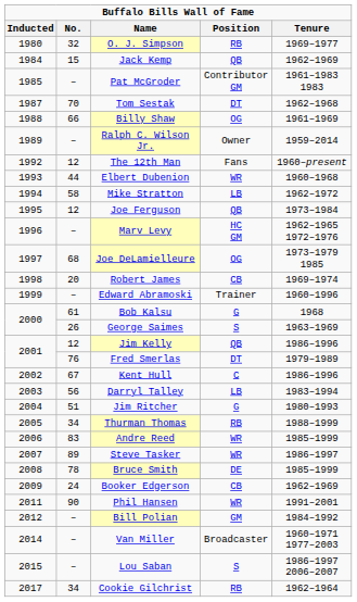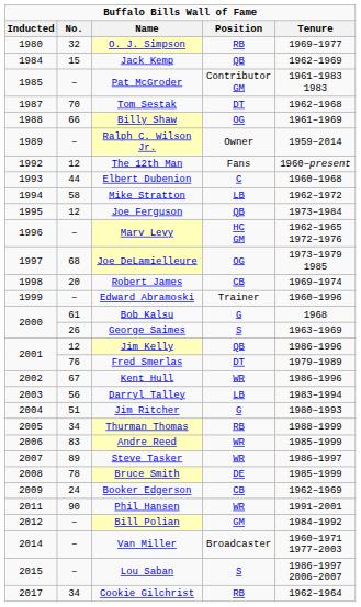 <table class="wikitable" style="text-align:center">
 <tr>
 <td colspan="5"><strong>Buffalo Bills Wall of Fame</strong></td>
 </tr>
 <tr>
 <th width=40px>Inducted</th>
 <th width=40px>No.</th>
 <th width=140px>Name</th>
 <th width=90px>Position</th>
 <th width=100px>Tenure</th>
 </tr>
 <tr>
 <td>1980</td>
 <td>32</td>
 <td style="background:#ffb"><a href='#'>O. J. Simpson</a></td>
 <td><a href='#'>RB</a></td>
 <td>1969–1977</td>
 </tr>
 <tr>
 <td>1984</td>
 <td>15</td>
 <td><a href='#'>Jack Kemp</a></td>
 <td><a href='#'>QB</a></td>
 <td>1962–1969</td>
 </tr>
 <tr>
 <td>1985</td>
 <td>–</td>
 <td><a href='#'>Pat McGroder</a></td>
 <td>Contributor<br><a href='#'>GM</a></td>
 <td>1961–1983<br>1983</td>
 </tr>
 <tr>
 <td>1987</td>
 <td>70</td>
 <td><a href='#'>Tom Sestak</a></td>
 <td><a href='#'>DT</a></td>
 <td>1962–1968</td>
 </tr>
 <tr>
 <td>1988</td>
 <td>66</td>
 <td style="background:#ffb"><a href='#'>Billy Shaw</a></td>
 <td><a href='#'>OG</a></td>
 <td>1961–1969</td>
 </tr>
 <tr>
 <td>1989</td>
 <td>–</td>
 <td style="background:#ffb"><a href='#'>Ralph C. Wilson Jr.</a></td>
 <td>Owner</td>
 <td>1959–2014</td>
 </tr>
 <tr>
 <td>1992</td>
 <td>12</td>
 <td><a href='#'>The 12th Man</a></td>
 <td>Fans</td>
 <td>1960–<em>present</em></td>
 </tr>
 <tr>
 <td>1993</td>
 <td>44</td>
 <td><a href='#'>Elbert Dubenion</a></td>
-<td><a href='#'>WR</a></td>
+<td><a href='#'>C</a></td>
 <td>1960–1968</td>
 </tr>
 <tr>
 <td>1994</td>
 <td>58</td>
 <td><a href='#'>Mike Stratton</a></td>
 <td><a href='#'>LB</a></td>
 <td>1962–1972</td>
 </tr>
 <tr>
 <td>1995</td>
 <td>12</td>
 <td><a href='#'>Joe Ferguson</a></td>
 <td><a href='#'>QB</a></td>
 <td>1973–1984</td>
 </tr>
 <tr>
 <td>1996</td>
 <td>–</td>
 <td style="background:#ffb"><a href='#'>Marv Levy</a></td>
 <td><a href='#'>HC</a><br><a href='#'>GM</a></td>
 <td>1962–1965<br>1972–1976</td>
 </tr>
 <tr>
 <td>1997</td>
 <td>68</td>
 <td style="background:#ffb"><a href='#'>Joe DeLamielleure</a></td>
 <td><a href='#'>OG</a></td>
 <td>1973–1979<br>1985</td>
 </tr>
 <tr>
 <td>1998</td>
 <td>20</td>
 <td><a href='#'>Robert James</a></td>
 <td><a href='#'>CB</a></td>
 <td>1969–1974</td>
 </tr>
 <tr>
 <td>1999</td>
 <td>–</td>
 <td><a href='#'>Edward Abramoski</a></td>
 <td>Trainer</td>
 <td>1960–1996</td>
 </tr>
 <tr>
 <td rowspan=2>2000</td>
 <td>61</td>
 <td><a href='#'>Bob Kalsu</a></td>
 <td><a href='#'>G</a></td>
 <td>1968</td>
 </tr>
 <tr>
 <td>26</td>
 <td><a href='#'>George Saimes</a></td>
 <td><a href='#'>S</a></td>
 <td>1963–1969</td>
 </tr>
 <tr>
 <td rowspan=2>2001</td>
 <td>12</td>
 <td style="background:#ffb"><a href='#'>Jim Kelly</a></td>
 <td><a href='#'>QB</a></td>
 <td>1986–1996</td>
 </tr>
 <tr>
 <td>76</td>
 <td><a href='#'>Fred Smerlas</a></td>
 <td><a href='#'>DT</a></td>
 <td>1979–1989</td>
 </tr>
 <tr>
 <td>2002</td>
 <td>67</td>
 <td><a href='#'>Kent Hull</a></td>
-<td><a href='#'>C</a></td>
+<td><a href='#'>WR</a></td>
 <td>1986–1996</td>
 </tr>
 <tr>
 <td>2003</td>
 <td>56</td>
 <td><a href='#'>Darryl Talley</a></td>
 <td><a href='#'>LB</a></td>
 <td>1983–1994</td>
 </tr>
 <tr>
 <td>2004</td>
 <td>51</td>
 <td><a href='#'>Jim Ritcher</a></td>
 <td><a href='#'>G</a></td>
 <td>1980–1993</td>
 </tr>
 <tr>
 <td>2005</td>
 <td>34</td>
 <td style="background:#ffb"><a href='#'>Thurman Thomas</a></td>
 <td><a href='#'>RB</a></td>
 <td>1988–1999</td>
 </tr>
 <tr>
 <td>2006</td>
 <td>83</td>
 <td style="background:#ffb"><a href='#'>Andre Reed</a></td>
 <td><a href='#'>WR</a></td>
 <td>1985–1999</td>
 </tr>
 <tr>
 <td>2007</td>
 <td>89</td>
 <td><a href='#'>Steve Tasker</a></td>
 <td><a href='#'>WR</a></td>
 <td>1986–1997</td>
 </tr>
 <tr>
 <td>2008</td>
 <td>78</td>
 <td style="background:#ffb"><a href='#'>Bruce Smith</a></td>
 <td><a href='#'>DE</a></td>
 <td>1985–1999</td>
 </tr>
 <tr>
 <td>2009</td>
 <td>24</td>
 <td><a href='#'>Booker Edgerson</a></td>
 <td><a href='#'>CB</a></td>
 <td>1962–1969</td>
 </tr>
 <tr>
 <td>2011</td>
 <td>90</td>
 <td><a href='#'>Phil Hansen</a></td>
 <td><a href='#'>WR</a></td>
 <td>1991–2001</td>
 </tr>
 <tr>
 <td>2012</td>
 <td>–</td>
 <td style="background:#ffb"><a href='#'>Bill Polian</a></td>
 <td><a href='#'>GM</a></td>
 <td>1984–1992</td>
 </tr>
 <tr>
 <td>2014</td>
 <td>–</td>
 <td><a href='#'>Van Miller</a></td>
 <td>Broadcaster</td>
 <td>1960–1971<br>1977–2003</td>
 </tr>
 <tr>
 <td>2015</td>
 <td>–</td>
 <td><a href='#'>Lou Saban</a></td>
 <td><a href='#'>S</a></td>
 <td>1986–1997<br>2006–2007</td>
 </tr>
 <tr>
 <td>2017</td>
 <td>34</td>
 <td><a href='#'>Cookie Gilchrist</a></td>
 <td><a href='#'>RB</a></td>
 <td>1962–1964</td>
 </tr>
 </table>
